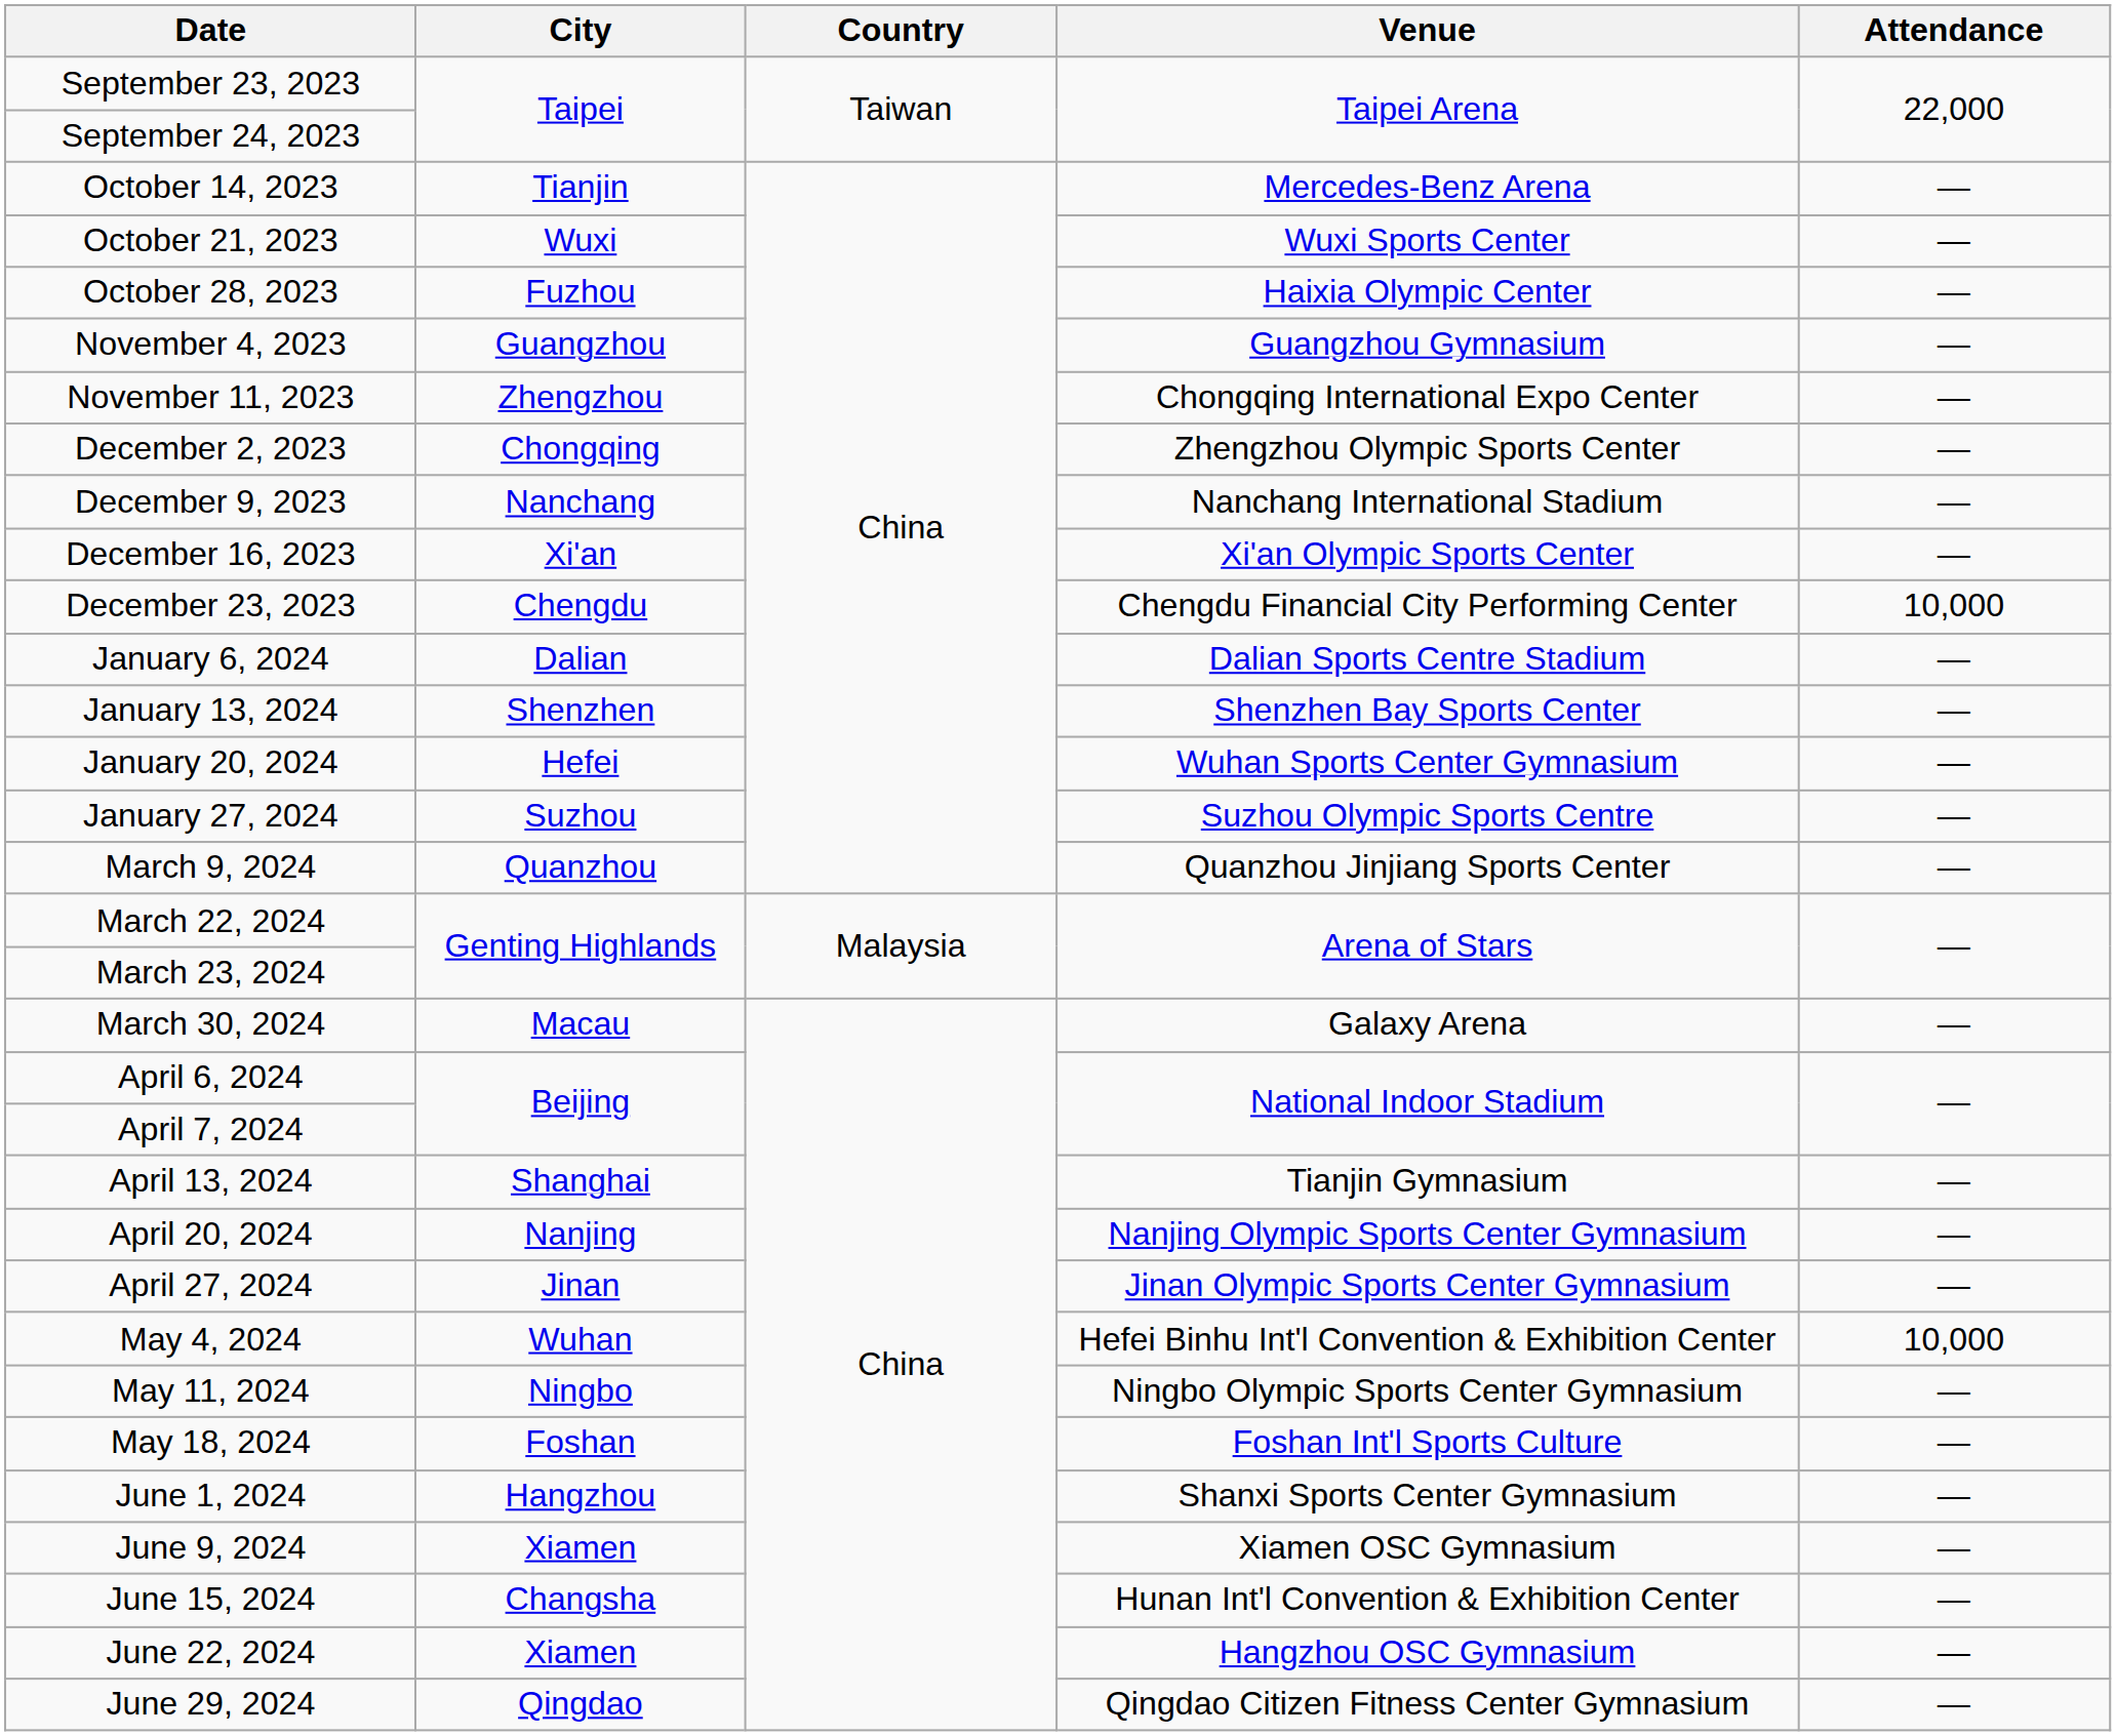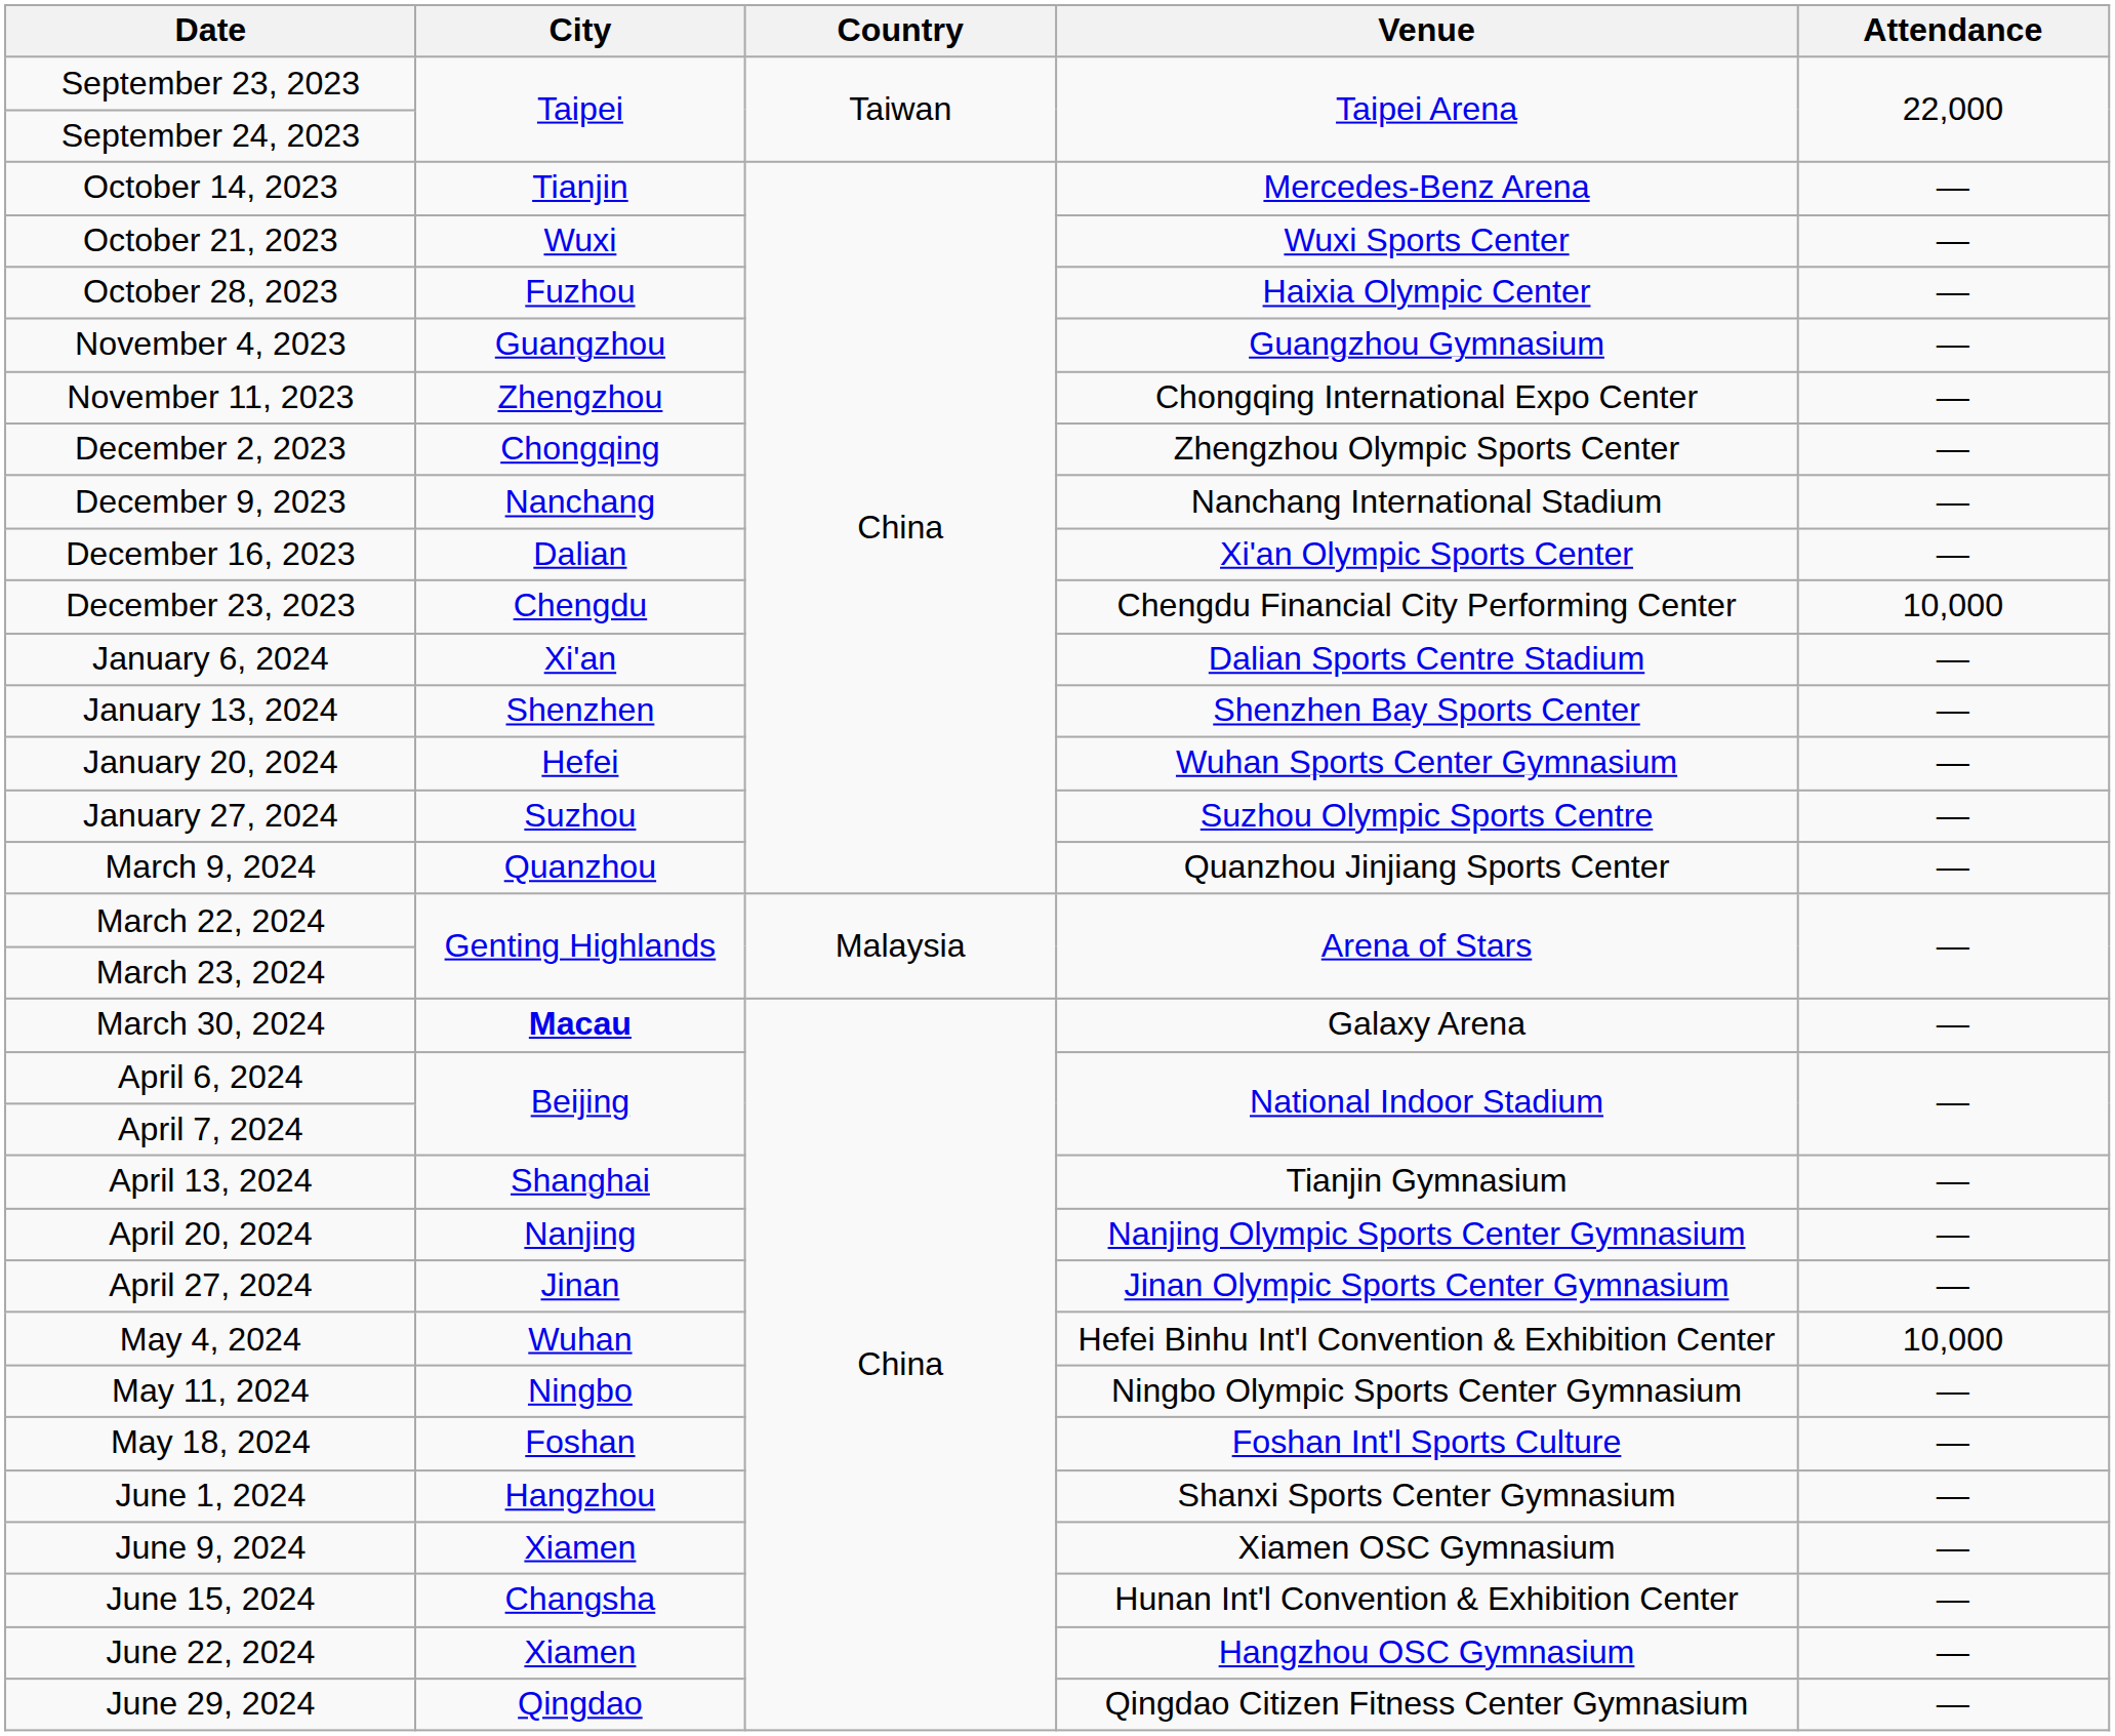 <table class="wikitable" style="text-align:center;">
 <tr>
 <th scope="col" style="width:12em;">Date</th>
 <th scope="col" style="width:9.5em;">City</th>
 <th scope="col" style="width:9em;">Country</th>
 <th scope="col" style="width:22em;">Venue</th>
 <th scope="col" style="width:9em;">Attendance</th>
 </tr>
 <tr>
 <td>September 23, 2023</td>
 <td rowspan="2"><a href='#'>Taipei</a></td>
 <td rowspan="2">Taiwan</td>
 <td rowspan="2"><a href='#'>Taipei Arena</a></td>
 <td rowspan="2">22,000</td>
 </tr>
 <tr>
 <td>September 24, 2023</td>
 </tr>
 <tr>
 <td>October 14, 2023</td>
 <td><a href='#'>Tianjin</a></td>
 <td rowspan="14">China</td>
 <td><a href='#'>Mercedes-Benz Arena</a></td>
 <td>—</td>
 </tr>
 <tr>
 <td>October 21, 2023</td>
 <td><a href='#'>Wuxi</a></td>
 <td><a href='#'>Wuxi Sports Center</a></td>
 <td>—</td>
 </tr>
 <tr>
 <td>October 28, 2023</td>
 <td><a href='#'>Fuzhou</a></td>
 <td><a href='#'>Haixia Olympic Center</a></td>
 <td>—</td>
 </tr>
 <tr>
 <td>November 4, 2023</td>
 <td><a href='#'>Guangzhou</a></td>
 <td><a href='#'>Guangzhou Gymnasium</a></td>
 <td>—</td>
 </tr>
 <tr>
 <td>November 11, 2023</td>
 <td><a href='#'>Zhengzhou</a></td>
 <td>Chongqing International Expo Center</td>
 <td>—</td>
 </tr>
 <tr>
 <td>December 2, 2023</td>
 <td><a href='#'>Chongqing</a></td>
 <td>Zhengzhou Olympic Sports Center</td>
 <td>—</td>
 </tr>
 <tr>
 <td>December 9, 2023</td>
 <td><a href='#'>Nanchang</a></td>
 <td>Nanchang International Stadium</td>
 <td>—</td>
 </tr>
 <tr>
 <td>December 16, 2023</td>
-<td><a href='#'>Xi'an</a></td>
+<td><a href='#'>Dalian</a></td>
 <td><a href='#'>Xi'an Olympic Sports Center</a></td>
 <td>—</td>
 </tr>
 <tr>
 <td>December 23, 2023</td>
 <td><a href='#'>Chengdu</a></td>
 <td>Chengdu Financial City Performing Center</td>
 <td>10,000</td>
 </tr>
 <tr>
 <td>January 6, 2024</td>
-<td><a href='#'>Dalian</a></td>
+<td><a href='#'>Xi'an</a></td>
 <td><a href='#'>Dalian Sports Centre Stadium</a></td>
 <td>—</td>
 </tr>
 <tr>
 <td>January 13, 2024</td>
 <td><a href='#'>Shenzhen</a></td>
 <td><a href='#'>Shenzhen Bay Sports Center</a></td>
 <td>—</td>
 </tr>
 <tr>
 <td>January 20, 2024</td>
 <td><a href='#'>Hefei</a></td>
 <td><a href='#'>Wuhan Sports Center Gymnasium</a></td>
 <td>—</td>
 </tr>
 <tr>
 <td>January 27, 2024</td>
 <td><a href='#'>Suzhou</a></td>
 <td><a href='#'>Suzhou Olympic Sports Centre</a></td>
 <td>—</td>
 </tr>
 <tr>
 <td>March 9, 2024</td>
 <td><a href='#'>Quanzhou</a></td>
 <td>Quanzhou Jinjiang Sports Center</td>
 <td>—</td>
 </tr>
 <tr>
 <td>March 22, 2024</td>
 <td rowspan="2"><a href='#'>Genting Highlands</a></td>
 <td rowspan="2">Malaysia</td>
 <td rowspan="2"><a href='#'>Arena of Stars</a></td>
 <td rowspan="2">—</td>
 </tr>
 <tr>
 <td>March 23, 2024</td>
 </tr>
 <tr>
 <td>March 30, 2024</td>
-<td><a href='#'>Macau</a></td>
+<td><strong><a href='#'>Macau</a></strong></td>
 <td rowspan="14">China</td>
 <td>Galaxy Arena</td>
 <td>—</td>
 </tr>
 <tr>
 <td>April 6, 2024</td>
 <td rowspan="2"><a href='#'>Beijing</a></td>
 <td rowspan="2"><a href='#'>National Indoor Stadium</a></td>
 <td rowspan="2">—</td>
 </tr>
 <tr>
 <td>April 7, 2024</td>
 </tr>
 <tr>
 <td>April 13, 2024</td>
 <td><a href='#'>Shanghai</a></td>
 <td>Tianjin Gymnasium</td>
 <td>—</td>
 </tr>
 <tr>
 <td>April 20, 2024</td>
 <td><a href='#'>Nanjing</a></td>
 <td><a href='#'>Nanjing Olympic Sports Center Gymnasium</a></td>
 <td>—</td>
 </tr>
 <tr>
 <td>April 27, 2024</td>
 <td><a href='#'>Jinan</a></td>
 <td><a href='#'>Jinan Olympic Sports Center Gymnasium</a></td>
 <td>—</td>
 </tr>
 <tr>
 <td>May 4, 2024</td>
 <td><a href='#'>Wuhan</a></td>
 <td>Hefei Binhu Int'l Convention & Exhibition Center</td>
 <td>10,000</td>
 </tr>
 <tr>
 <td>May 11, 2024</td>
 <td><a href='#'>Ningbo</a></td>
 <td>Ningbo Olympic Sports Center Gymnasium</td>
 <td>—</td>
 </tr>
 <tr>
 <td>May 18, 2024</td>
 <td><a href='#'>Foshan</a></td>
 <td><a href='#'>Foshan Int'l Sports Culture</a></td>
 <td>—</td>
 </tr>
 <tr>
 <td>June 1, 2024</td>
 <td><a href='#'>Hangzhou</a></td>
 <td>Shanxi Sports Center Gymnasium</td>
 <td>—</td>
 </tr>
 <tr>
 <td>June 9, 2024</td>
 <td><a href='#'>Xiamen</a></td>
 <td>Xiamen OSC Gymnasium</td>
 <td>—</td>
 </tr>
 <tr>
 <td>June 15, 2024</td>
 <td><a href='#'>Changsha</a></td>
 <td>Hunan Int'l Convention & Exhibition Center</td>
 <td>—</td>
 </tr>
 <tr>
 <td>June 22, 2024</td>
 <td><a href='#'>Xiamen</a></td>
 <td><a href='#'>Hangzhou OSC Gymnasium</a></td>
 <td>—</td>
 </tr>
 <tr>
 <td>June 29, 2024</td>
 <td><a href='#'>Qingdao</a></td>
 <td>Qingdao Citizen Fitness Center Gymnasium</td>
 <td>—</td>
 </tr>
 </table>
